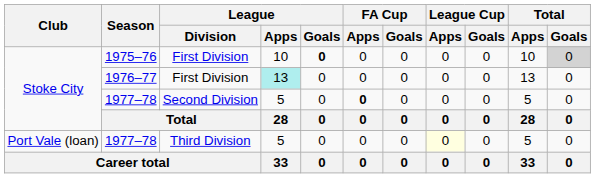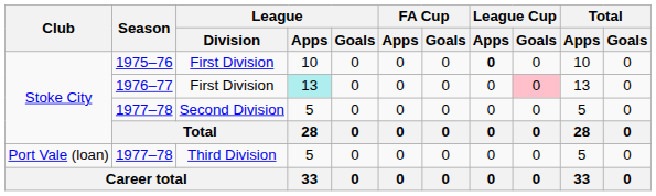 <table class="wikitable" style="text-align: center;">
 <tr>
 <th rowspan="2">Club</th>
 <th rowspan="2">Season</th>
 <th colspan="3">League</th>
 <th colspan="2">FA Cup</th>
 <th colspan="2">League Cup</th>
 <th colspan="2">Total</th>
 </tr>
 <tr>
 <th>Division</th>
 <th>Apps</th>
 <th>Goals</th>
 <th>Apps</th>
 <th>Goals</th>
 <th>Apps</th>
 <th>Goals</th>
 <th>Apps</th>
 <th>Goals</th>
 </tr>
 <tr>
 <td rowspan="4"><a href='#'>Stoke City</a></td>
 <td><a href='#'>1975–76</a></td>
 <td><a href='#'>First Division</a></td>
 <td>10</td>
-<td><strong>0</strong></td>
 <td>0</td>
 <td>0</td>
 <td>0</td>
+<td><strong>0</strong></td>
 <td>0</td>
 <td>10</td>
-<td style="background: lightgrey;">0</td>
+<td>0</td>
 </tr>
 <tr>
 <td><a href='#'>1976–77</a></td>
 <td>First Division</td>
 <td style="background: paleturquoise;">13</td>
 <td>0</td>
 <td>0</td>
 <td>0</td>
 <td>0</td>
-<td>0</td>
+<td style="background: pink;">0</td>
 <td>13</td>
 <td>0</td>
 </tr>
 <tr>
 <td><a href='#'>1977–78</a></td>
 <td><a href='#'>Second Division</a></td>
 <td>5</td>
 <td>0</td>
-<td><strong>0</strong></td>
+<td>0</td>
 <td>0</td>
 <td>0</td>
 <td>0</td>
 <td>5</td>
 <td>0</td>
 </tr>
 <tr>
 <th colspan="2">Total</th>
 <th>28</th>
 <th>0</th>
 <th>0</th>
 <th>0</th>
 <th>0</th>
 <th>0</th>
 <th>28</th>
 <th>0</th>
 </tr>
 <tr>
 <td><a href='#'>Port Vale</a> (loan)</td>
 <td><a href='#'>1977–78</a></td>
 <td><a href='#'>Third Division</a></td>
 <td>5</td>
 <td>0</td>
 <td>0</td>
 <td>0</td>
-<td style="background: lightyellow;">0</td>
+<td>0</td>
 <td>0</td>
 <td>5</td>
 <td>0</td>
 </tr>
 <tr>
 <th colspan="3">Career total</th>
 <th>33</th>
 <th>0</th>
 <th>0</th>
 <th>0</th>
 <th>0</th>
 <th>0</th>
 <th>33</th>
 <th>0</th>
 </tr>
 </table>
